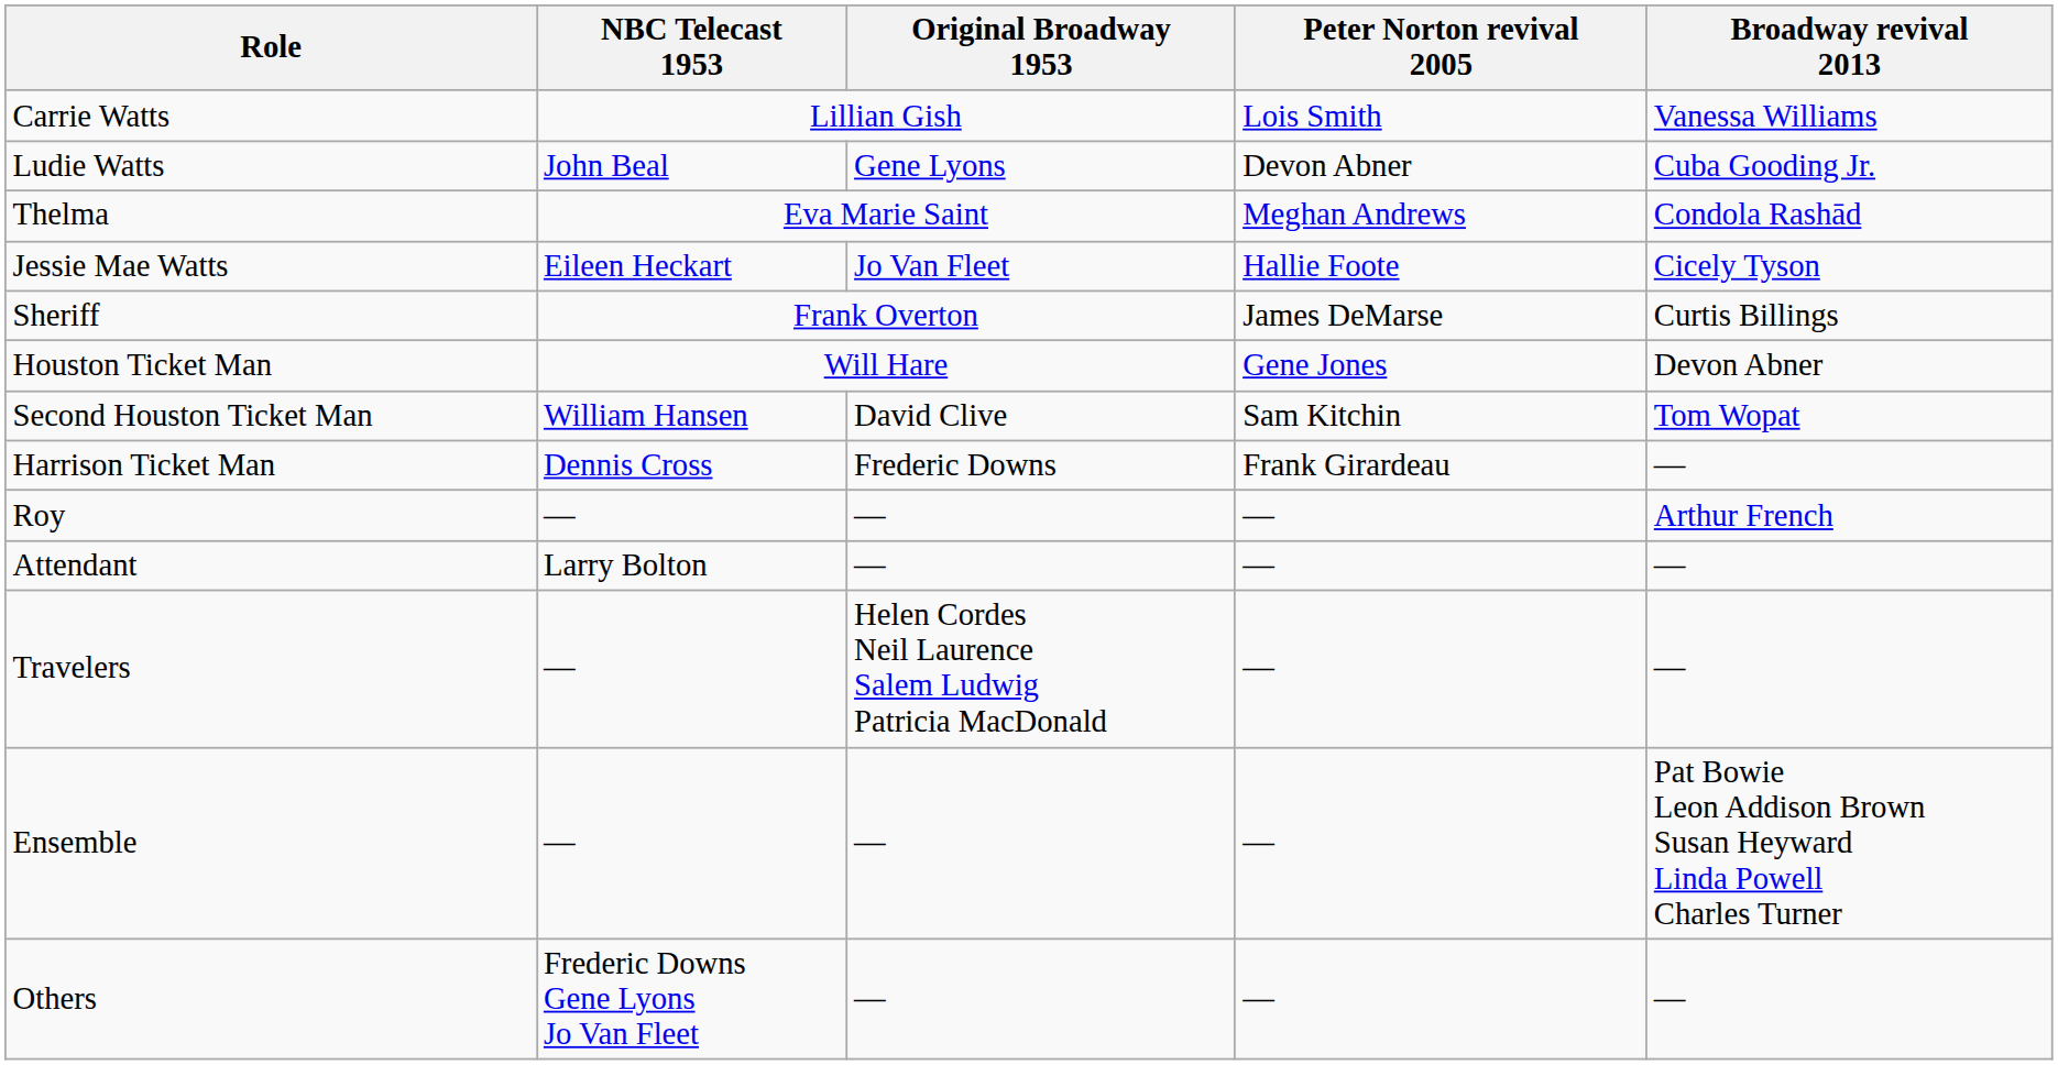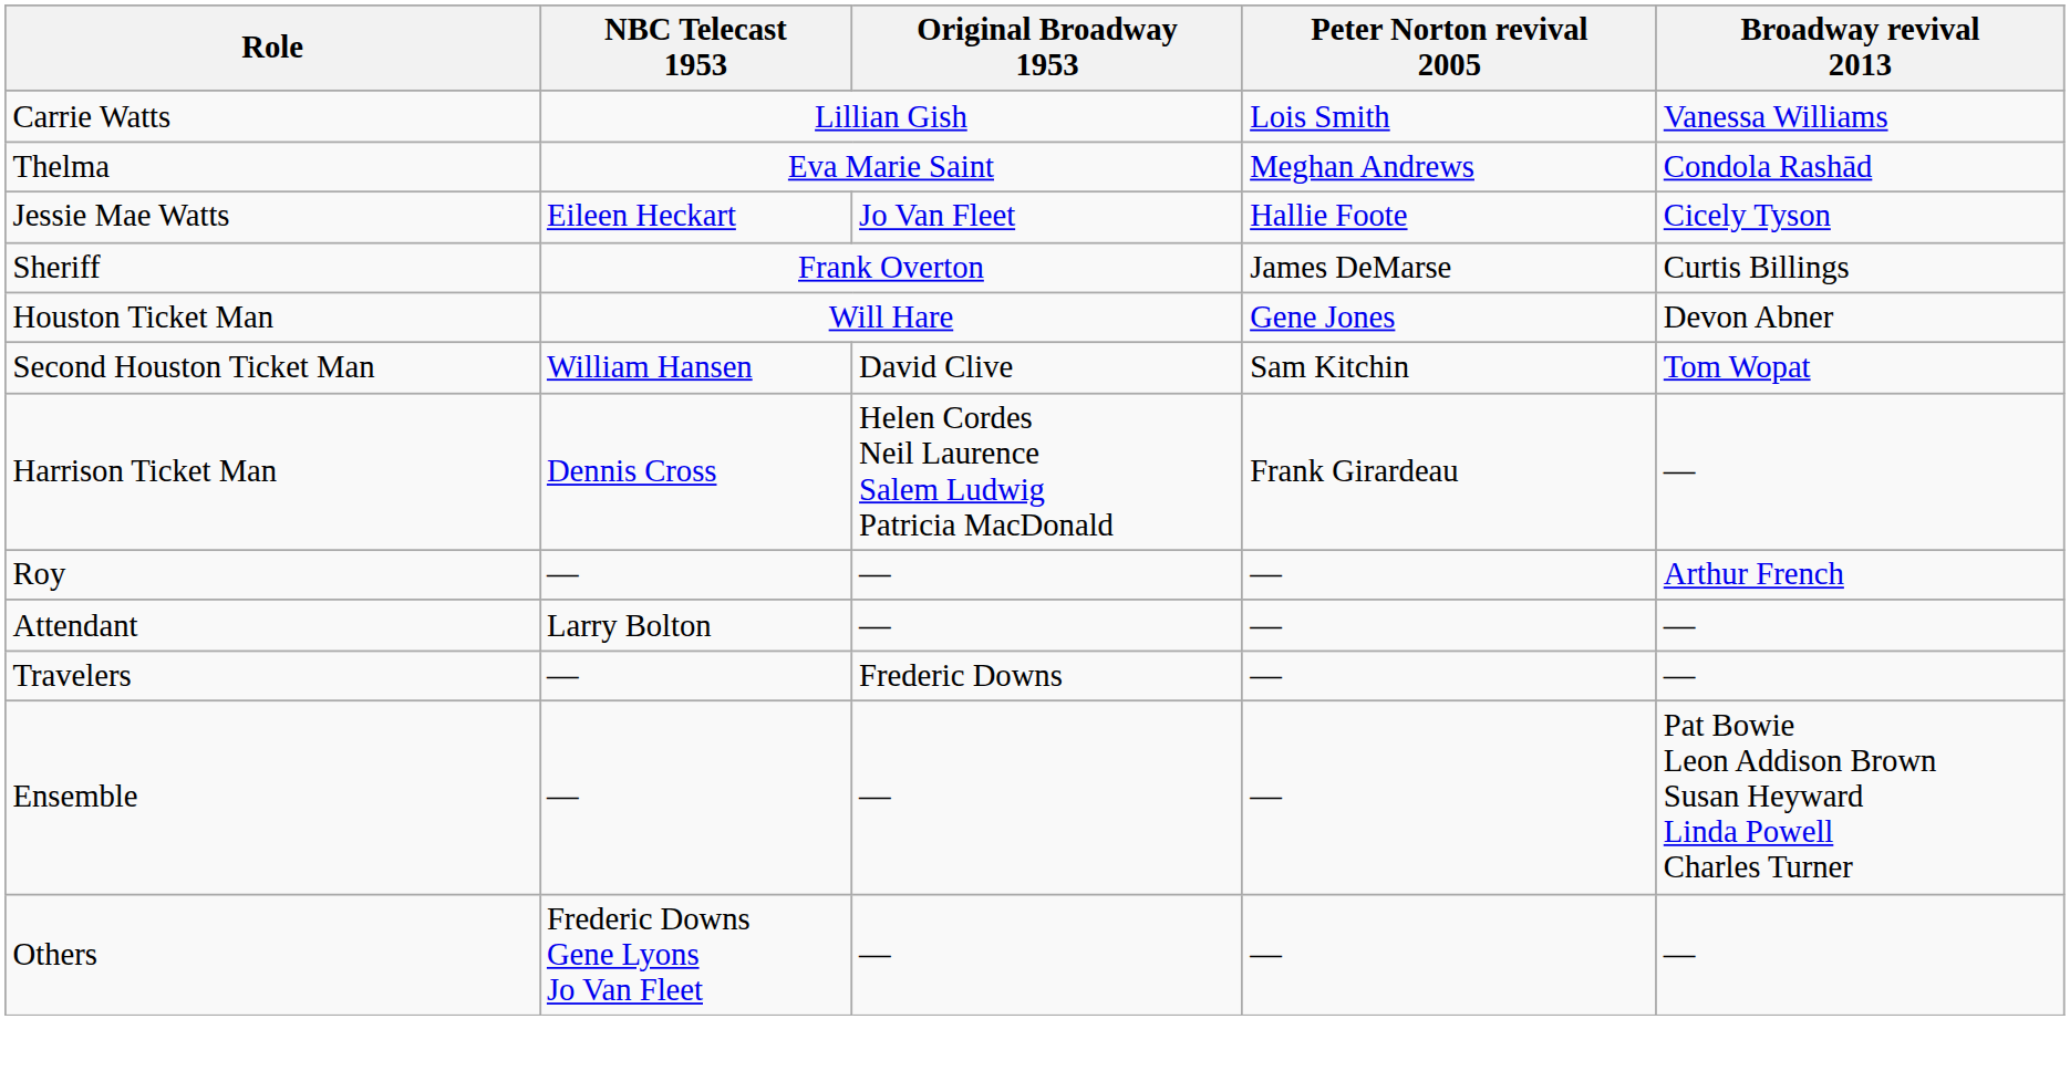 <table class="wikitable" style="width: 65em;">
 <tr>
 <th>Role</th>
 <th>NBC Telecast<br>1953</th>
 <th>Original Broadway<br>1953</th>
 <th>Peter Norton revival<br>2005</th>
 <th>Broadway revival<br>2013</th>
 </tr>
 <tr>
 <td>Carrie Watts</td>
 <td colspan="2" align="center"><a href='#'>Lillian Gish</a></td>
 <td><a href='#'>Lois Smith</a></td>
 <td><a href='#'>Vanessa Williams</a></td>
-</tr>
-<tr>
-<td>Ludie Watts</td>
-<td><a href='#'>John Beal</a></td>
-<td><a href='#'>Gene Lyons</a></td>
-<td>Devon Abner</td>
-<td><a href='#'>Cuba Gooding Jr.</a></td>
 </tr>
 <tr>
 <td>Thelma</td>
 <td colspan="2" align="center"><a href='#'>Eva Marie Saint</a></td>
 <td><a href='#'>Meghan Andrews</a></td>
 <td><a href='#'>Condola Rashād</a></td>
 </tr>
 <tr>
 <td>Jessie Mae Watts</td>
 <td><a href='#'>Eileen Heckart</a></td>
 <td><a href='#'>Jo Van Fleet</a></td>
 <td><a href='#'>Hallie Foote</a></td>
 <td><a href='#'>Cicely Tyson</a></td>
 </tr>
 <tr>
 <td>Sheriff</td>
 <td colspan="2" align="center"><a href='#'>Frank Overton</a></td>
 <td>James DeMarse</td>
 <td>Curtis Billings</td>
 </tr>
 <tr>
 <td>Houston Ticket Man</td>
 <td colspan="2" align="center"><a href='#'>Will Hare</a></td>
 <td><a href='#'>Gene Jones</a></td>
 <td>Devon Abner</td>
 </tr>
 <tr>
 <td>Second Houston Ticket Man</td>
 <td><a href='#'>William Hansen</a></td>
 <td>David Clive</td>
 <td>Sam Kitchin</td>
 <td><a href='#'>Tom Wopat</a></td>
 </tr>
 <tr>
 <td>Harrison Ticket Man</td>
 <td><a href='#'>Dennis Cross</a></td>
-<td>Frederic Downs</td>
+<td>Helen Cordes<br>Neil Laurence<br><a href='#'>Salem Ludwig</a><br>Patricia MacDonald</td>
 <td>Frank Girardeau</td>
 <td>—</td>
 </tr>
 <tr>
 <td>Roy</td>
 <td>—</td>
 <td>—</td>
 <td>—</td>
 <td><a href='#'>Arthur French</a></td>
 </tr>
 <tr>
 <td>Attendant</td>
 <td>Larry Bolton</td>
 <td>—</td>
 <td>—</td>
 <td>—</td>
 </tr>
 <tr>
 <td>Travelers</td>
 <td>—</td>
-<td>Helen Cordes<br>Neil Laurence<br><a href='#'>Salem Ludwig</a><br>Patricia MacDonald</td>
+<td>Frederic Downs</td>
 <td>—</td>
 <td>—</td>
 </tr>
 <tr>
 <td>Ensemble</td>
 <td>—</td>
 <td>—</td>
 <td>—</td>
 <td>Pat Bowie<br>Leon Addison Brown<br>Susan Heyward<br><a href='#'>Linda Powell</a><br>Charles Turner</td>
 </tr>
 <tr>
 <td>Others</td>
 <td>Frederic Downs<br><a href='#'>Gene Lyons</a><br><a href='#'>Jo Van Fleet</a></td>
 <td>—</td>
 <td>—</td>
 <td>—</td>
 </tr>
 </table>
